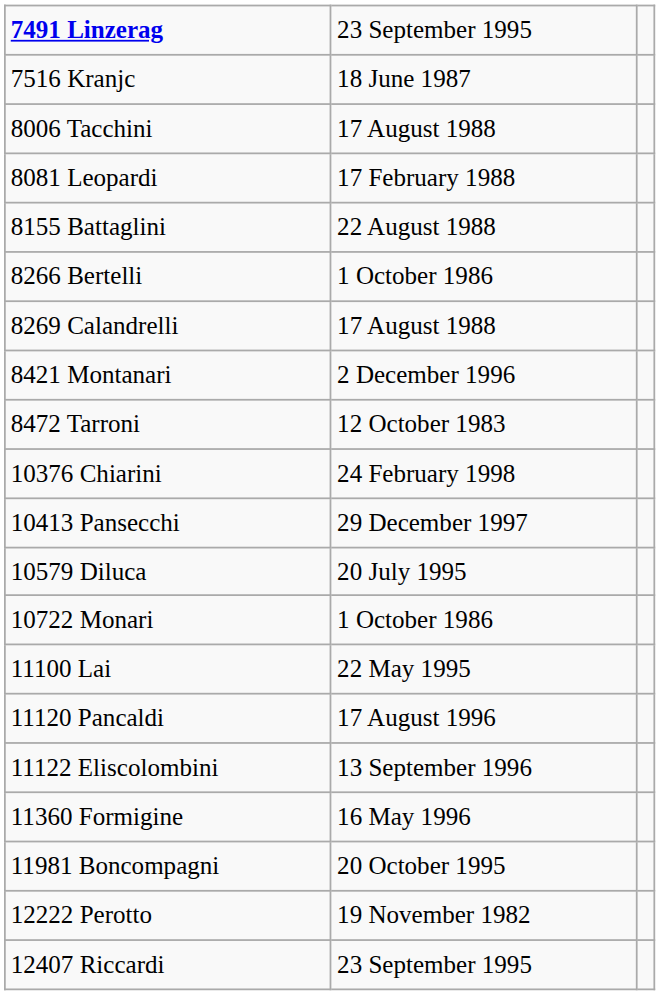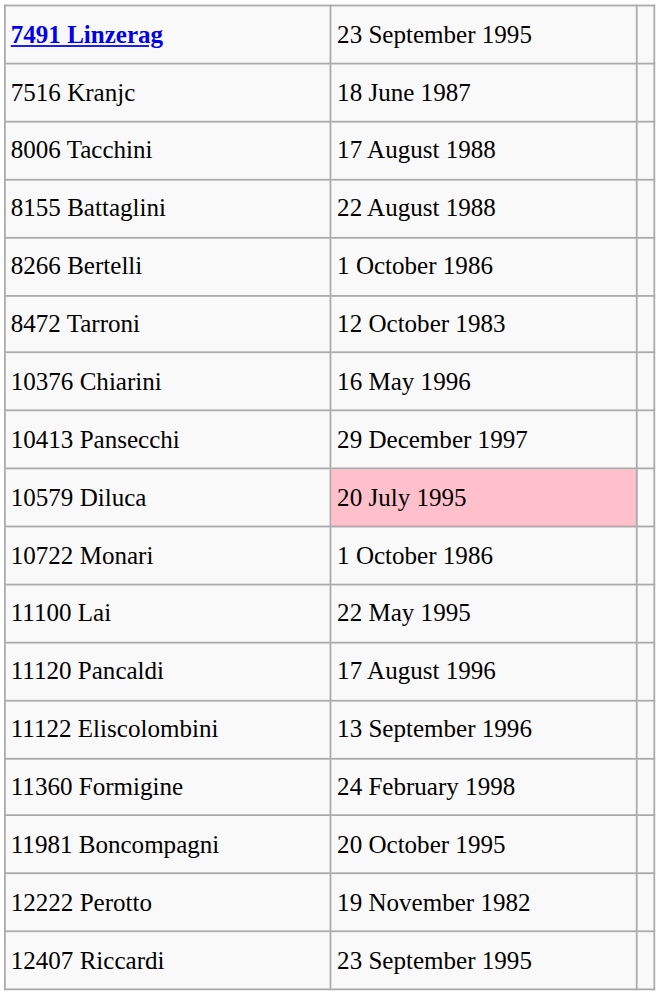 <table class="wikitable" style="font-size: 89%; float: left; width: 26em; margin-right: 1em; height: 560px;">
 <tr>
 <td><strong><a href='#'>7491 Linzerag</a></strong></td>
 <td>23 September 1995</td>
 <td></td>
 </tr>
 <tr>
 <td>7516 Kranjc</td>
 <td>18 June 1987</td>
 <td></td>
 </tr>
 <tr>
 <td>8006 Tacchini</td>
 <td>17 August 1988</td>
 <td></td>
 </tr>
 <tr>
-<td>8081 Leopardi</td>
-<td>17 February 1988</td>
-<td></td>
-</tr>
-<tr>
 <td>8155 Battaglini</td>
 <td>22 August 1988</td>
 <td></td>
 </tr>
 <tr>
 <td>8266 Bertelli</td>
 <td>1 October 1986</td>
 <td></td>
 </tr>
 <tr>
-<td>8269 Calandrelli</td>
-<td>17 August 1988</td>
-<td></td>
-</tr>
-<tr>
-<td>8421 Montanari</td>
-<td>2 December 1996</td>
-<td></td>
-</tr>
-<tr>
 <td>8472 Tarroni</td>
 <td>12 October 1983</td>
 <td></td>
 </tr>
 <tr>
 <td>10376 Chiarini</td>
-<td>24 February 1998</td>
+<td>16 May 1996</td>
 <td></td>
 </tr>
 <tr>
 <td>10413 Pansecchi</td>
 <td>29 December 1997</td>
 <td></td>
 </tr>
 <tr>
 <td>10579 Diluca</td>
-<td>20 July 1995</td>
+<td style="background: pink;">20 July 1995</td>
 <td></td>
 </tr>
 <tr>
 <td>10722 Monari</td>
 <td>1 October 1986</td>
 <td></td>
 </tr>
 <tr>
 <td>11100 Lai</td>
 <td>22 May 1995</td>
 <td></td>
 </tr>
 <tr>
 <td>11120 Pancaldi</td>
 <td>17 August 1996</td>
 <td></td>
 </tr>
 <tr>
 <td>11122 Eliscolombini</td>
 <td>13 September 1996</td>
 <td></td>
 </tr>
 <tr>
 <td>11360 Formigine</td>
-<td>16 May 1996</td>
+<td>24 February 1998</td>
 <td></td>
 </tr>
 <tr>
 <td>11981 Boncompagni</td>
 <td>20 October 1995</td>
 <td></td>
 </tr>
 <tr>
 <td>12222 Perotto</td>
 <td>19 November 1982</td>
 <td></td>
 </tr>
 <tr>
 <td>12407 Riccardi</td>
 <td>23 September 1995</td>
 <td></td>
 </tr>
 </table>
